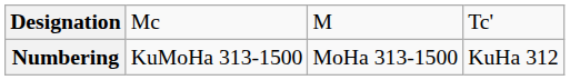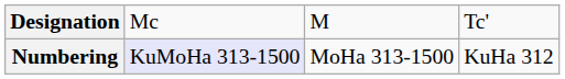 <table class="wikitable">
 <tr>
 <th>Designation</th>
 <td>Mc</td>
 <td>M</td>
 <td>Tc'</td>
 </tr>
 <tr>
 <th>Numbering</th>
-<td>KuMoHa 313-1500</td>
+<td style="background: lavender;">KuMoHa 313-1500</td>
 <td>MoHa 313-1500</td>
 <td>KuHa 312</td>
 </tr>
 </table>
